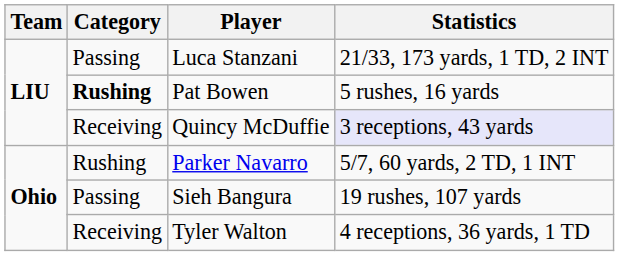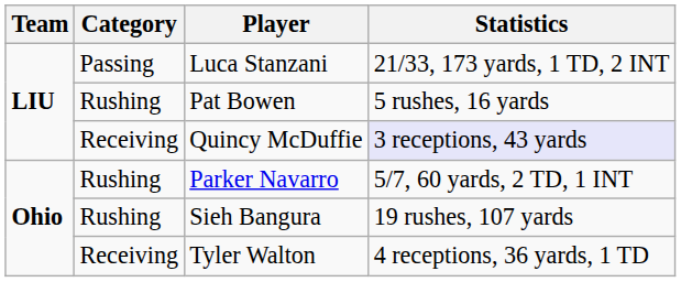 <table class="wikitable" style="float: right;">
 <tr>
 <th>Team</th>
 <th>Category</th>
 <th>Player</th>
 <th>Statistics</th>
 </tr>
 <tr>
 <td rowspan=3><strong>LIU</strong></td>
 <td>Passing</td>
 <td>Luca Stanzani</td>
 <td>21/33, 173 yards, 1 TD, 2 INT</td>
 </tr>
 <tr>
-<td><strong>Rushing</strong></td>
+<td>Rushing</td>
 <td>Pat Bowen</td>
 <td>5 rushes, 16 yards</td>
 </tr>
 <tr>
 <td>Receiving</td>
 <td>Quincy McDuffie</td>
 <td style="background: lavender;">3 receptions, 43 yards</td>
 </tr>
 <tr>
 <td rowspan=3><strong>Ohio</strong></td>
 <td>Rushing</td>
 <td><a href='#'>Parker Navarro</a></td>
 <td>5/7, 60 yards, 2 TD, 1 INT</td>
 </tr>
 <tr>
-<td>Passing</td>
+<td>Rushing</td>
 <td>Sieh Bangura</td>
 <td>19 rushes, 107 yards</td>
 </tr>
 <tr>
 <td>Receiving</td>
 <td>Tyler Walton</td>
 <td>4 receptions, 36 yards, 1 TD</td>
 </tr>
 </table>
